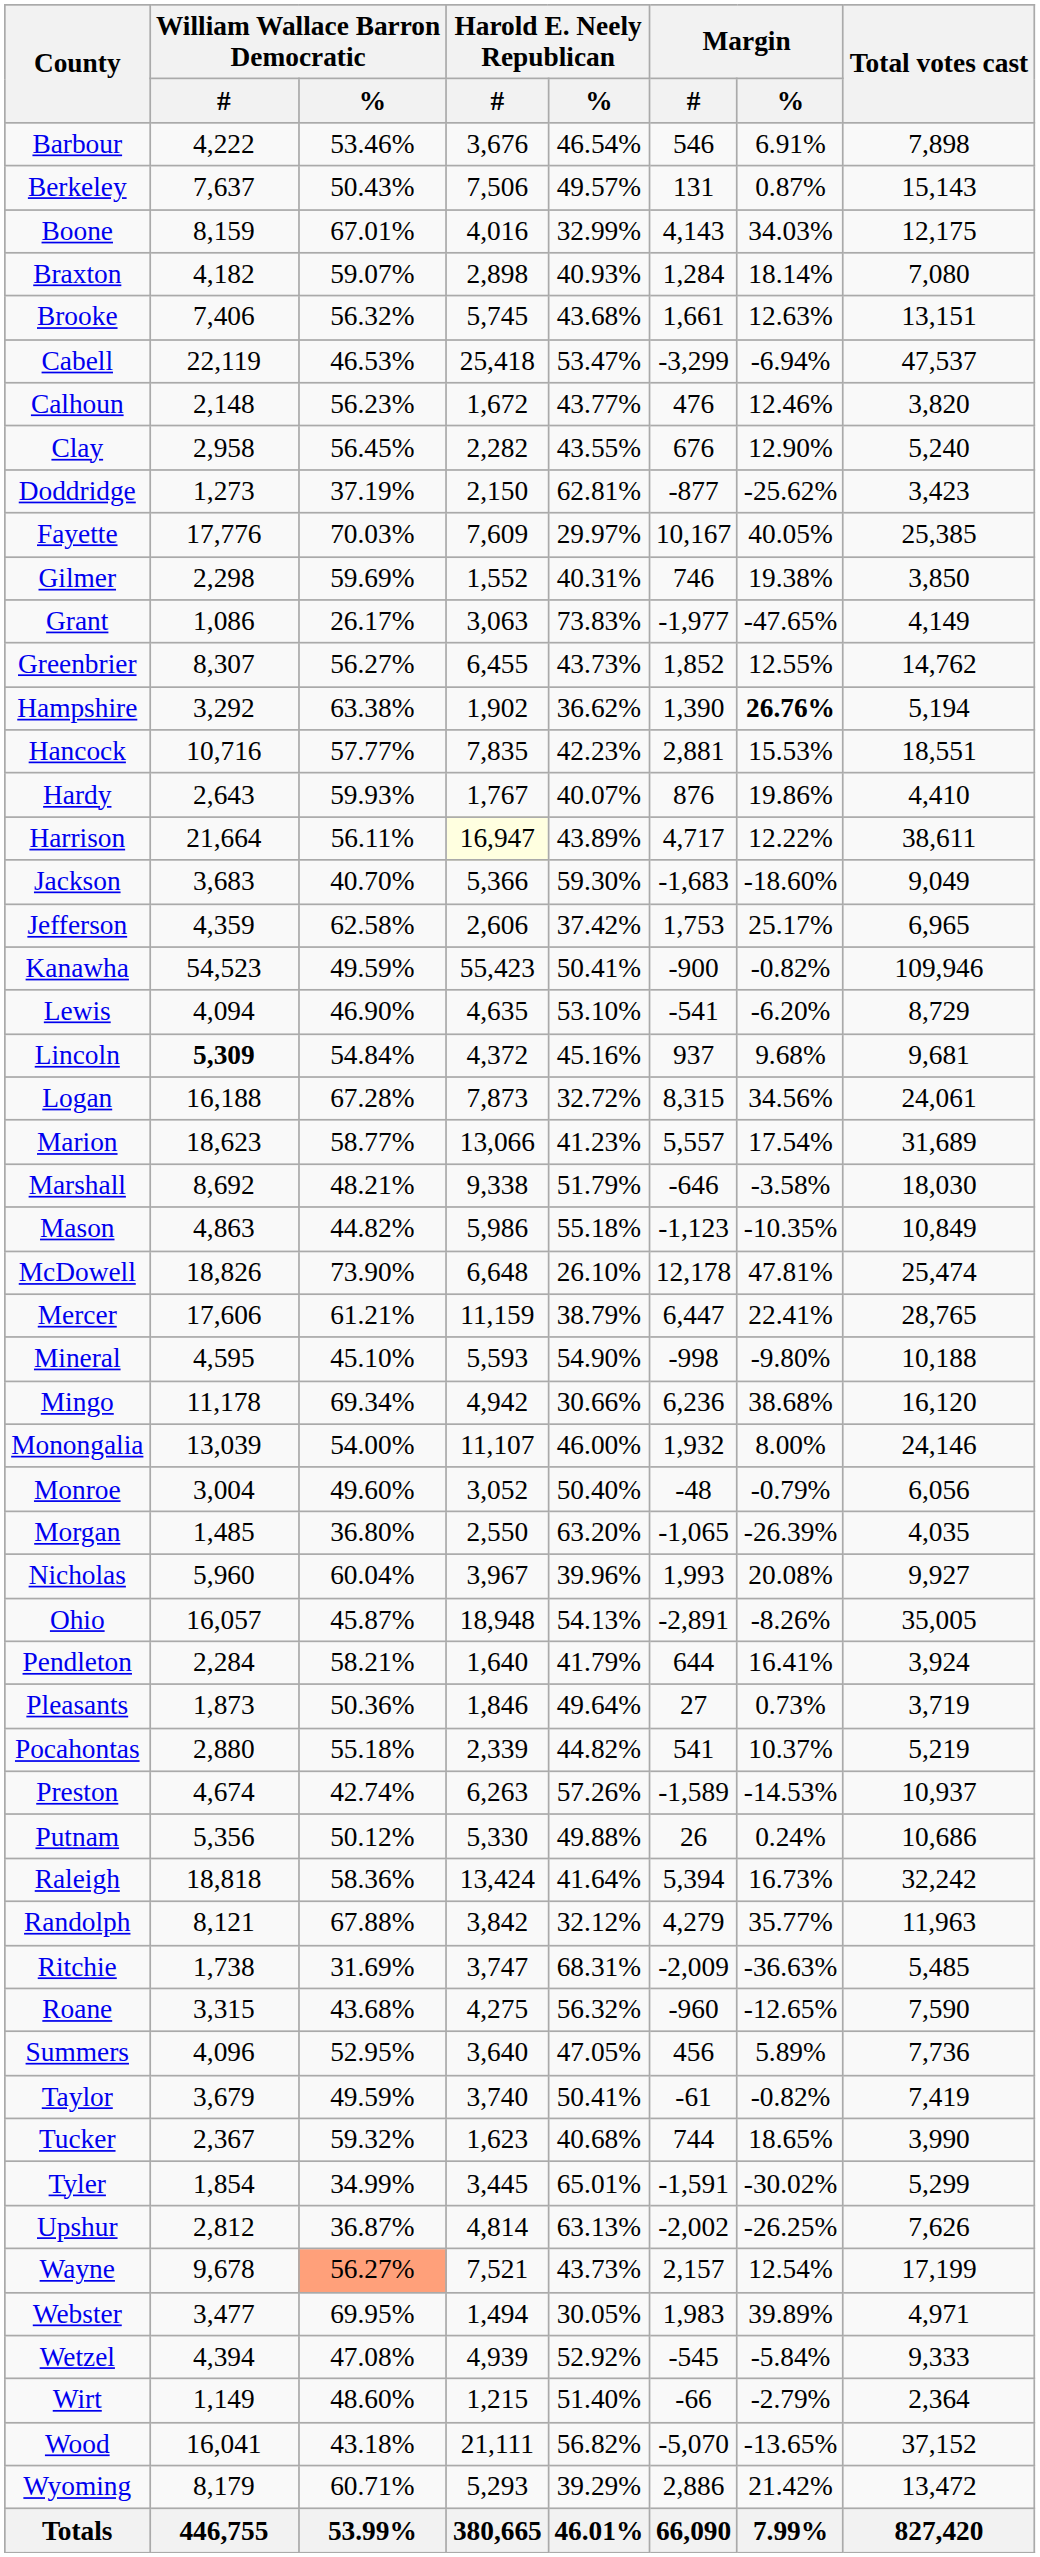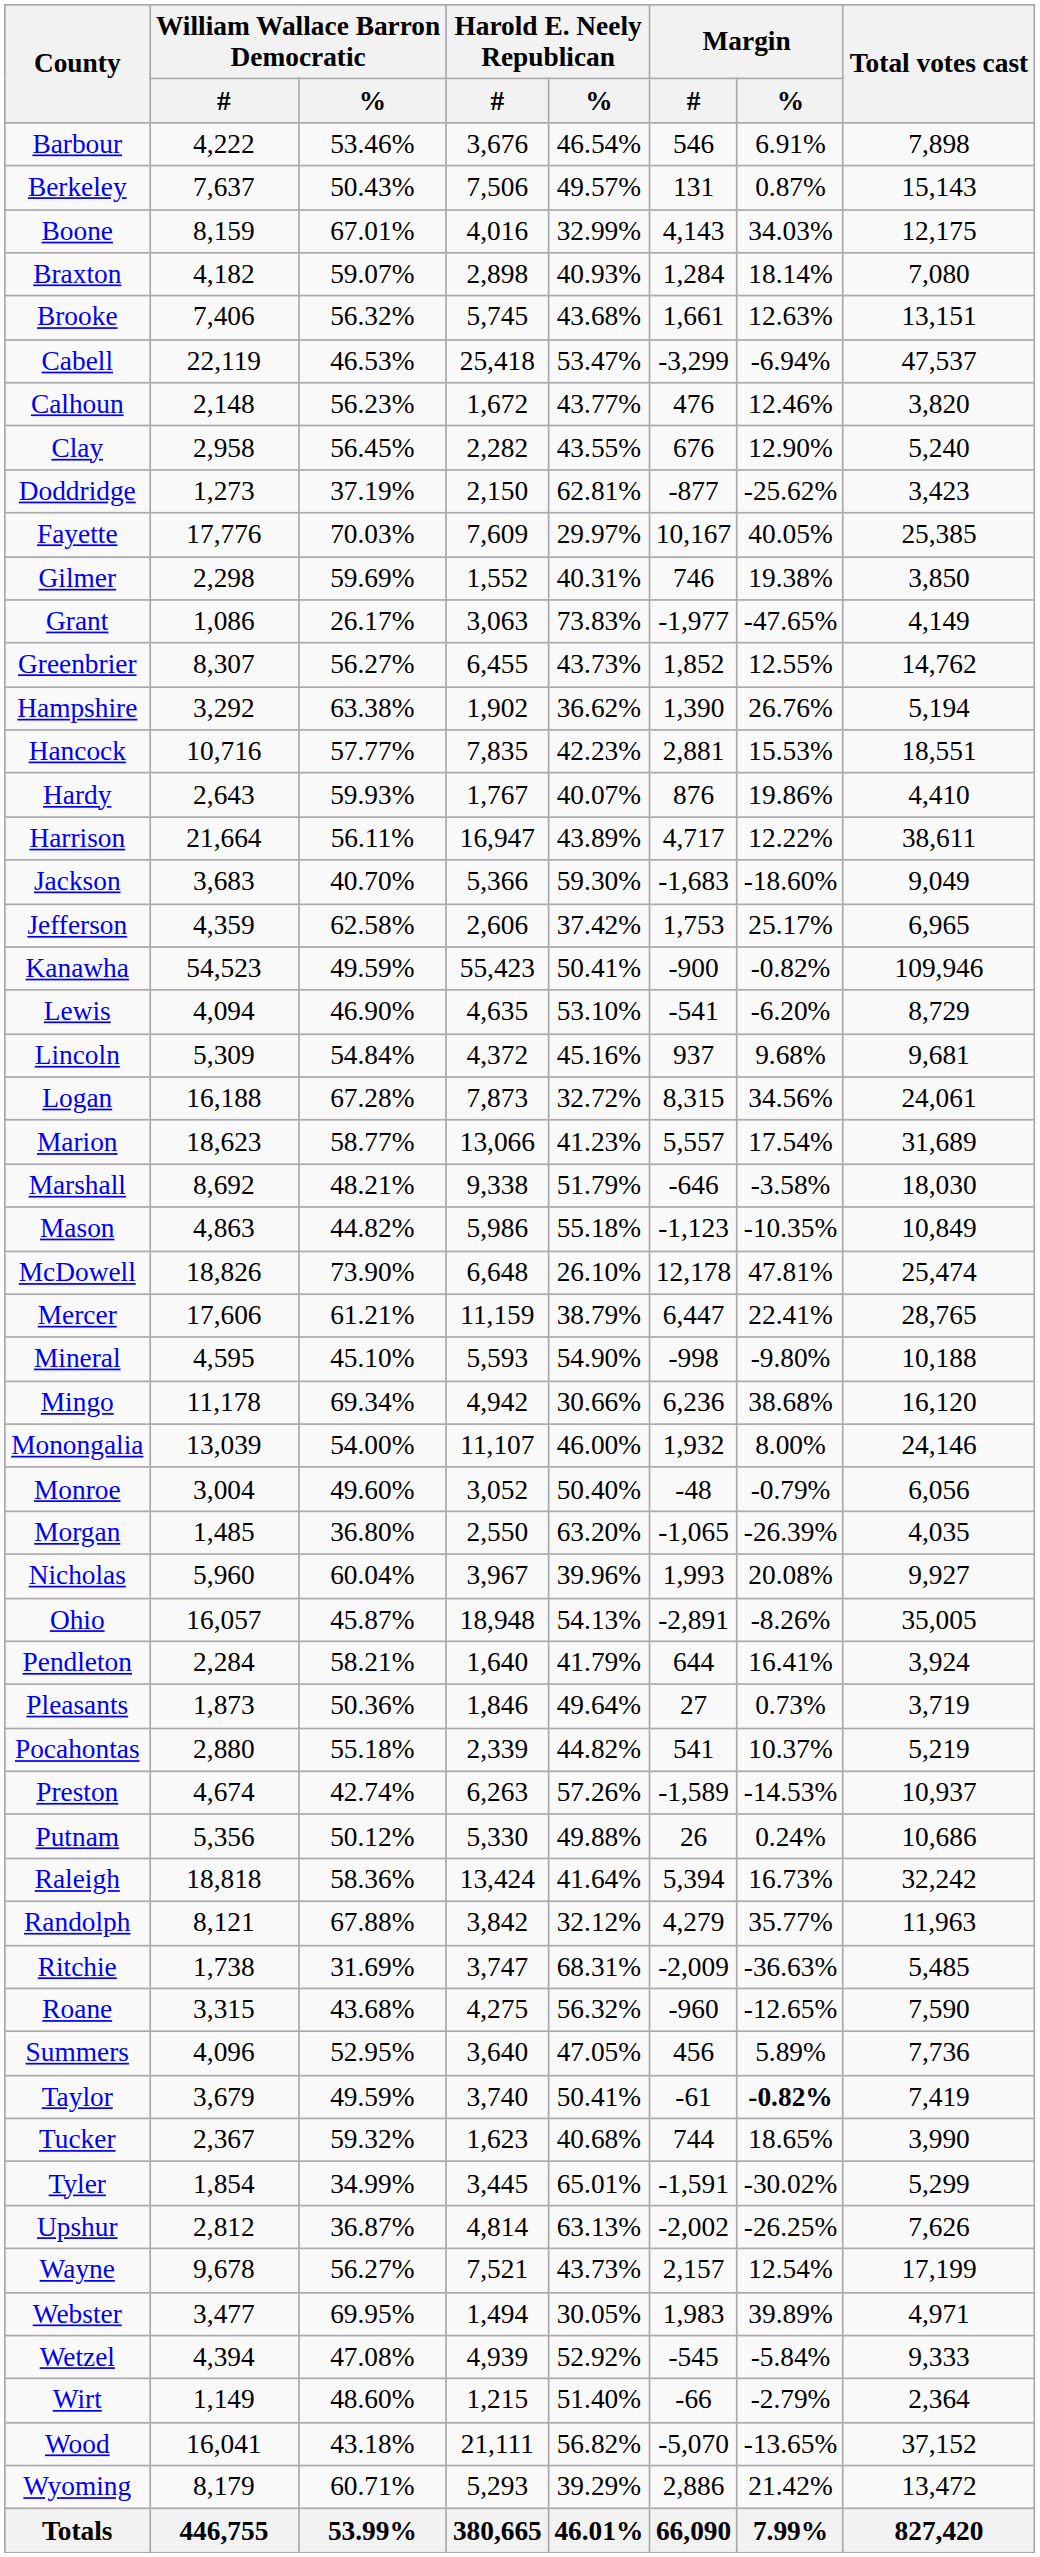 <table class="wikitable sortable" style="text-align:center">
 <tr>
 <th style="text-align:center;" rowspan="2">County</th>
 <th style="text-align:center;" colspan="2">William Wallace Barron<br>Democratic</th>
 <th style="text-align:center;" colspan="2">Harold E. Neely<br>Republican</th>
 <th style="text-align:center;" colspan="2">Margin</th>
 <th style="text-align:center;" rowspan="2">Total votes cast</th>
 </tr>
 <tr>
 <th data-sort-type="number">#</th>
 <th data-sort-type="number">%</th>
 <th data-sort-type="number">#</th>
 <th data-sort-type="number">%</th>
 <th data-sort-type="number">#</th>
 <th data-sort-type="number">%</th>
 </tr>
 <tr style="text-align:center;">
 <td><a href='#'>Barbour</a></td>
 <td>4,222</td>
 <td>53.46%</td>
 <td>3,676</td>
 <td>46.54%</td>
 <td>546</td>
 <td>6.91%</td>
 <td>7,898</td>
 </tr>
 <tr style="text-align:center;">
 <td><a href='#'>Berkeley</a></td>
 <td>7,637</td>
 <td>50.43%</td>
 <td>7,506</td>
 <td>49.57%</td>
 <td>131</td>
 <td>0.87%</td>
 <td>15,143</td>
 </tr>
 <tr style="text-align:center;">
 <td><a href='#'>Boone</a></td>
 <td>8,159</td>
 <td>67.01%</td>
 <td>4,016</td>
 <td>32.99%</td>
 <td>4,143</td>
 <td>34.03%</td>
 <td>12,175</td>
 </tr>
 <tr style="text-align:center;">
 <td><a href='#'>Braxton</a></td>
 <td>4,182</td>
 <td>59.07%</td>
 <td>2,898</td>
 <td>40.93%</td>
 <td>1,284</td>
 <td>18.14%</td>
 <td>7,080</td>
 </tr>
 <tr style="text-align:center;">
 <td><a href='#'>Brooke</a></td>
 <td>7,406</td>
 <td>56.32%</td>
 <td>5,745</td>
 <td>43.68%</td>
 <td>1,661</td>
 <td>12.63%</td>
 <td>13,151</td>
 </tr>
 <tr style="text-align:center;">
 <td><a href='#'>Cabell</a></td>
 <td>22,119</td>
 <td>46.53%</td>
 <td>25,418</td>
 <td>53.47%</td>
 <td>-3,299</td>
 <td>-6.94%</td>
 <td>47,537</td>
 </tr>
 <tr style="text-align:center;">
 <td><a href='#'>Calhoun</a></td>
 <td>2,148</td>
 <td>56.23%</td>
 <td>1,672</td>
 <td>43.77%</td>
 <td>476</td>
 <td>12.46%</td>
 <td>3,820</td>
 </tr>
 <tr style="text-align:center;">
 <td><a href='#'>Clay</a></td>
 <td>2,958</td>
 <td>56.45%</td>
 <td>2,282</td>
 <td>43.55%</td>
 <td>676</td>
 <td>12.90%</td>
 <td>5,240</td>
 </tr>
 <tr style="text-align:center;">
 <td><a href='#'>Doddridge</a></td>
 <td>1,273</td>
 <td>37.19%</td>
 <td>2,150</td>
 <td>62.81%</td>
 <td>-877</td>
 <td>-25.62%</td>
 <td>3,423</td>
 </tr>
 <tr style="text-align:center;">
 <td><a href='#'>Fayette</a></td>
 <td>17,776</td>
 <td>70.03%</td>
 <td>7,609</td>
 <td>29.97%</td>
 <td>10,167</td>
 <td>40.05%</td>
 <td>25,385</td>
 </tr>
 <tr style="text-align:center;">
 <td><a href='#'>Gilmer</a></td>
 <td>2,298</td>
 <td>59.69%</td>
 <td>1,552</td>
 <td>40.31%</td>
 <td>746</td>
 <td>19.38%</td>
 <td>3,850</td>
 </tr>
 <tr style="text-align:center;">
 <td><a href='#'>Grant</a></td>
 <td>1,086</td>
 <td>26.17%</td>
 <td>3,063</td>
 <td>73.83%</td>
 <td>-1,977</td>
 <td>-47.65%</td>
 <td>4,149</td>
 </tr>
 <tr style="text-align:center;">
 <td><a href='#'>Greenbrier</a></td>
 <td>8,307</td>
 <td>56.27%</td>
 <td>6,455</td>
 <td>43.73%</td>
 <td>1,852</td>
 <td>12.55%</td>
 <td>14,762</td>
 </tr>
 <tr style="text-align:center;">
 <td><a href='#'>Hampshire</a></td>
 <td>3,292</td>
 <td>63.38%</td>
 <td>1,902</td>
 <td>36.62%</td>
 <td>1,390</td>
-<td><strong>26.76%</strong></td>
+<td>26.76%</td>
 <td>5,194</td>
 </tr>
 <tr style="text-align:center;">
 <td><a href='#'>Hancock</a></td>
 <td>10,716</td>
 <td>57.77%</td>
 <td>7,835</td>
 <td>42.23%</td>
 <td>2,881</td>
 <td>15.53%</td>
 <td>18,551</td>
 </tr>
 <tr style="text-align:center;">
 <td><a href='#'>Hardy</a></td>
 <td>2,643</td>
 <td>59.93%</td>
 <td>1,767</td>
 <td>40.07%</td>
 <td>876</td>
 <td>19.86%</td>
 <td>4,410</td>
 </tr>
 <tr style="text-align:center;">
 <td><a href='#'>Harrison</a></td>
 <td>21,664</td>
 <td>56.11%</td>
-<td style="background: lightyellow;">16,947</td>
+<td>16,947</td>
 <td>43.89%</td>
 <td>4,717</td>
 <td>12.22%</td>
 <td>38,611</td>
 </tr>
 <tr style="text-align:center;">
 <td><a href='#'>Jackson</a></td>
 <td>3,683</td>
 <td>40.70%</td>
 <td>5,366</td>
 <td>59.30%</td>
 <td>-1,683</td>
 <td>-18.60%</td>
 <td>9,049</td>
 </tr>
 <tr style="text-align:center;">
 <td><a href='#'>Jefferson</a></td>
 <td>4,359</td>
 <td>62.58%</td>
 <td>2,606</td>
 <td>37.42%</td>
 <td>1,753</td>
 <td>25.17%</td>
 <td>6,965</td>
 </tr>
 <tr style="text-align:center;">
 <td><a href='#'>Kanawha</a></td>
 <td>54,523</td>
 <td>49.59%</td>
 <td>55,423</td>
 <td>50.41%</td>
 <td>-900</td>
 <td>-0.82%</td>
 <td>109,946</td>
 </tr>
 <tr style="text-align:center;">
 <td><a href='#'>Lewis</a></td>
 <td>4,094</td>
 <td>46.90%</td>
 <td>4,635</td>
 <td>53.10%</td>
 <td>-541</td>
 <td>-6.20%</td>
 <td>8,729</td>
 </tr>
 <tr style="text-align:center;">
 <td><a href='#'>Lincoln</a></td>
-<td><strong>5,309</strong></td>
+<td>5,309</td>
 <td>54.84%</td>
 <td>4,372</td>
 <td>45.16%</td>
 <td>937</td>
 <td>9.68%</td>
 <td>9,681</td>
 </tr>
 <tr style="text-align:center;">
 <td><a href='#'>Logan</a></td>
 <td>16,188</td>
 <td>67.28%</td>
 <td>7,873</td>
 <td>32.72%</td>
 <td>8,315</td>
 <td>34.56%</td>
 <td>24,061</td>
 </tr>
 <tr style="text-align:center;">
 <td><a href='#'>Marion</a></td>
 <td>18,623</td>
 <td>58.77%</td>
 <td>13,066</td>
 <td>41.23%</td>
 <td>5,557</td>
 <td>17.54%</td>
 <td>31,689</td>
 </tr>
 <tr style="text-align:center;">
 <td><a href='#'>Marshall</a></td>
 <td>8,692</td>
 <td>48.21%</td>
 <td>9,338</td>
 <td>51.79%</td>
 <td>-646</td>
 <td>-3.58%</td>
 <td>18,030</td>
 </tr>
 <tr style="text-align:center;">
 <td><a href='#'>Mason</a></td>
 <td>4,863</td>
 <td>44.82%</td>
 <td>5,986</td>
 <td>55.18%</td>
 <td>-1,123</td>
 <td>-10.35%</td>
 <td>10,849</td>
 </tr>
 <tr style="text-align:center;">
 <td><a href='#'>McDowell</a></td>
 <td>18,826</td>
 <td>73.90%</td>
 <td>6,648</td>
 <td>26.10%</td>
 <td>12,178</td>
 <td>47.81%</td>
 <td>25,474</td>
 </tr>
 <tr style="text-align:center;">
 <td><a href='#'>Mercer</a></td>
 <td>17,606</td>
 <td>61.21%</td>
 <td>11,159</td>
 <td>38.79%</td>
 <td>6,447</td>
 <td>22.41%</td>
 <td>28,765</td>
 </tr>
 <tr style="text-align:center;">
 <td><a href='#'>Mineral</a></td>
 <td>4,595</td>
 <td>45.10%</td>
 <td>5,593</td>
 <td>54.90%</td>
 <td>-998</td>
 <td>-9.80%</td>
 <td>10,188</td>
 </tr>
 <tr style="text-align:center;">
 <td><a href='#'>Mingo</a></td>
 <td>11,178</td>
 <td>69.34%</td>
 <td>4,942</td>
 <td>30.66%</td>
 <td>6,236</td>
 <td>38.68%</td>
 <td>16,120</td>
 </tr>
 <tr style="text-align:center;">
 <td><a href='#'>Monongalia</a></td>
 <td>13,039</td>
 <td>54.00%</td>
 <td>11,107</td>
 <td>46.00%</td>
 <td>1,932</td>
 <td>8.00%</td>
 <td>24,146</td>
 </tr>
 <tr style="text-align:center;">
 <td><a href='#'>Monroe</a></td>
 <td>3,004</td>
 <td>49.60%</td>
 <td>3,052</td>
 <td>50.40%</td>
 <td>-48</td>
 <td>-0.79%</td>
 <td>6,056</td>
 </tr>
 <tr style="text-align:center;">
 <td><a href='#'>Morgan</a></td>
 <td>1,485</td>
 <td>36.80%</td>
 <td>2,550</td>
 <td>63.20%</td>
 <td>-1,065</td>
 <td>-26.39%</td>
 <td>4,035</td>
 </tr>
 <tr style="text-align:center;">
 <td><a href='#'>Nicholas</a></td>
 <td>5,960</td>
 <td>60.04%</td>
 <td>3,967</td>
 <td>39.96%</td>
 <td>1,993</td>
 <td>20.08%</td>
 <td>9,927</td>
 </tr>
 <tr style="text-align:center;">
 <td><a href='#'>Ohio</a></td>
 <td>16,057</td>
 <td>45.87%</td>
 <td>18,948</td>
 <td>54.13%</td>
 <td>-2,891</td>
 <td>-8.26%</td>
 <td>35,005</td>
 </tr>
 <tr style="text-align:center;">
 <td><a href='#'>Pendleton</a></td>
 <td>2,284</td>
 <td>58.21%</td>
 <td>1,640</td>
 <td>41.79%</td>
 <td>644</td>
 <td>16.41%</td>
 <td>3,924</td>
 </tr>
 <tr style="text-align:center;">
 <td><a href='#'>Pleasants</a></td>
 <td>1,873</td>
 <td>50.36%</td>
 <td>1,846</td>
 <td>49.64%</td>
 <td>27</td>
 <td>0.73%</td>
 <td>3,719</td>
 </tr>
 <tr style="text-align:center;">
 <td><a href='#'>Pocahontas</a></td>
 <td>2,880</td>
 <td>55.18%</td>
 <td>2,339</td>
 <td>44.82%</td>
 <td>541</td>
 <td>10.37%</td>
 <td>5,219</td>
 </tr>
 <tr style="text-align:center;">
 <td><a href='#'>Preston</a></td>
 <td>4,674</td>
 <td>42.74%</td>
 <td>6,263</td>
 <td>57.26%</td>
 <td>-1,589</td>
 <td>-14.53%</td>
 <td>10,937</td>
 </tr>
 <tr style="text-align:center;">
 <td><a href='#'>Putnam</a></td>
 <td>5,356</td>
 <td>50.12%</td>
 <td>5,330</td>
 <td>49.88%</td>
 <td>26</td>
 <td>0.24%</td>
 <td>10,686</td>
 </tr>
 <tr style="text-align:center;">
 <td><a href='#'>Raleigh</a></td>
 <td>18,818</td>
 <td>58.36%</td>
 <td>13,424</td>
 <td>41.64%</td>
 <td>5,394</td>
 <td>16.73%</td>
 <td>32,242</td>
 </tr>
 <tr style="text-align:center;">
 <td><a href='#'>Randolph</a></td>
 <td>8,121</td>
 <td>67.88%</td>
 <td>3,842</td>
 <td>32.12%</td>
 <td>4,279</td>
 <td>35.77%</td>
 <td>11,963</td>
 </tr>
 <tr style="text-align:center;">
 <td><a href='#'>Ritchie</a></td>
 <td>1,738</td>
 <td>31.69%</td>
 <td>3,747</td>
 <td>68.31%</td>
 <td>-2,009</td>
 <td>-36.63%</td>
 <td>5,485</td>
 </tr>
 <tr style="text-align:center;">
 <td><a href='#'>Roane</a></td>
 <td>3,315</td>
 <td>43.68%</td>
 <td>4,275</td>
 <td>56.32%</td>
 <td>-960</td>
 <td>-12.65%</td>
 <td>7,590</td>
 </tr>
 <tr style="text-align:center;">
 <td><a href='#'>Summers</a></td>
 <td>4,096</td>
 <td>52.95%</td>
 <td>3,640</td>
 <td>47.05%</td>
 <td>456</td>
 <td>5.89%</td>
 <td>7,736</td>
 </tr>
 <tr style="text-align:center;">
 <td><a href='#'>Taylor</a></td>
 <td>3,679</td>
 <td>49.59%</td>
 <td>3,740</td>
 <td>50.41%</td>
 <td>-61</td>
-<td>-0.82%</td>
+<td><strong>-0.82%</strong></td>
 <td>7,419</td>
 </tr>
 <tr style="text-align:center;">
 <td><a href='#'>Tucker</a></td>
 <td>2,367</td>
 <td>59.32%</td>
 <td>1,623</td>
 <td>40.68%</td>
 <td>744</td>
 <td>18.65%</td>
 <td>3,990</td>
 </tr>
 <tr style="text-align:center;">
 <td><a href='#'>Tyler</a></td>
 <td>1,854</td>
 <td>34.99%</td>
 <td>3,445</td>
 <td>65.01%</td>
 <td>-1,591</td>
 <td>-30.02%</td>
 <td>5,299</td>
 </tr>
 <tr style="text-align:center;">
 <td><a href='#'>Upshur</a></td>
 <td>2,812</td>
 <td>36.87%</td>
 <td>4,814</td>
 <td>63.13%</td>
 <td>-2,002</td>
 <td>-26.25%</td>
 <td>7,626</td>
 </tr>
 <tr style="text-align:center;">
 <td><a href='#'>Wayne</a></td>
 <td>9,678</td>
-<td style="background: lightsalmon;">56.27%</td>
+<td>56.27%</td>
 <td>7,521</td>
 <td>43.73%</td>
 <td>2,157</td>
 <td>12.54%</td>
 <td>17,199</td>
 </tr>
 <tr style="text-align:center;">
 <td><a href='#'>Webster</a></td>
 <td>3,477</td>
 <td>69.95%</td>
 <td>1,494</td>
 <td>30.05%</td>
 <td>1,983</td>
 <td>39.89%</td>
 <td>4,971</td>
 </tr>
 <tr style="text-align:center;">
 <td><a href='#'>Wetzel</a></td>
 <td>4,394</td>
 <td>47.08%</td>
 <td>4,939</td>
 <td>52.92%</td>
 <td>-545</td>
 <td>-5.84%</td>
 <td>9,333</td>
 </tr>
 <tr style="text-align:center;">
 <td><a href='#'>Wirt</a></td>
 <td>1,149</td>
 <td>48.60%</td>
 <td>1,215</td>
 <td>51.40%</td>
 <td>-66</td>
 <td>-2.79%</td>
 <td>2,364</td>
 </tr>
 <tr style="text-align:center;">
 <td><a href='#'>Wood</a></td>
 <td>16,041</td>
 <td>43.18%</td>
 <td>21,111</td>
 <td>56.82%</td>
 <td>-5,070</td>
 <td>-13.65%</td>
 <td>37,152</td>
 </tr>
 <tr style="text-align:center;">
 <td><a href='#'>Wyoming</a></td>
 <td>8,179</td>
 <td>60.71%</td>
 <td>5,293</td>
 <td>39.29%</td>
 <td>2,886</td>
 <td>21.42%</td>
 <td>13,472</td>
 </tr>
 <tr style="text-align:center;">
 <th>Totals</th>
 <th>446,755</th>
 <th>53.99%</th>
 <th>380,665</th>
 <th>46.01%</th>
 <th>66,090</th>
 <th>7.99%</th>
 <th>827,420</th>
 </tr>
 </table>
